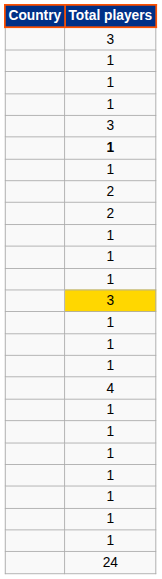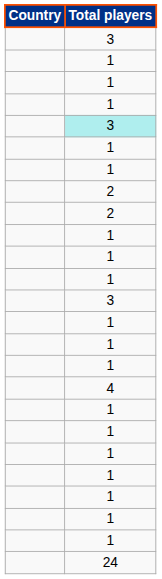 <table class="wikitable sortable" style="text-align:center">
 <tr>
 <th style="background:#003087; color:#FFFFFF; border:2px solid #FE5000;" scope="col">Country</th>
 <th style="background:#003087; color:#FFFFFF; border:2px solid #FE5000;" scope="col">Total players</th>
 </tr>
 <tr>
 <td align="left"></td>
 <td>3</td>
 </tr>
 <tr>
 <td align="left"></td>
 <td>1</td>
 </tr>
 <tr>
 <td align="left"></td>
 <td>1</td>
 </tr>
 <tr>
 <td align="left"></td>
 <td>1</td>
 </tr>
 <tr>
 <td align="left"></td>
-<td>3</td>
+<td style="background: paleturquoise;">3</td>
 </tr>
 <tr>
 <td align="left"></td>
-<td><strong>1</strong></td>
+<td>1</td>
 </tr>
 <tr>
 <td align="left"></td>
 <td>1</td>
 </tr>
 <tr>
 <td align="left"></td>
 <td>2</td>
 </tr>
 <tr>
 <td align="left"></td>
 <td>2</td>
 </tr>
 <tr>
 <td align="left"></td>
 <td>1</td>
 </tr>
 <tr>
 <td align="left"></td>
 <td>1</td>
 </tr>
 <tr>
 <td align="left"></td>
 <td>1</td>
 </tr>
 <tr>
 <td align="left"></td>
-<td style="background: gold;">3</td>
+<td>3</td>
 </tr>
 <tr>
 <td align="left"></td>
 <td>1</td>
 </tr>
 <tr>
 <td align="left"></td>
 <td>1</td>
 </tr>
 <tr>
 <td align="left"></td>
 <td>1</td>
 </tr>
 <tr>
 <td align="left"></td>
 <td>4</td>
 </tr>
 <tr>
 <td align="left"></td>
 <td>1</td>
 </tr>
 <tr>
 <td align="left"></td>
 <td>1</td>
 </tr>
 <tr>
 <td align="left"></td>
 <td>1</td>
 </tr>
 <tr>
 <td align="left"></td>
 <td>1</td>
 </tr>
 <tr>
 <td align="left"></td>
 <td>1</td>
 </tr>
 <tr>
 <td align="left"></td>
 <td>1</td>
 </tr>
 <tr>
 <td align="left"></td>
 <td>1</td>
 </tr>
 <tr>
 <td align="left"></td>
 <td>24</td>
 </tr>
 </table>
